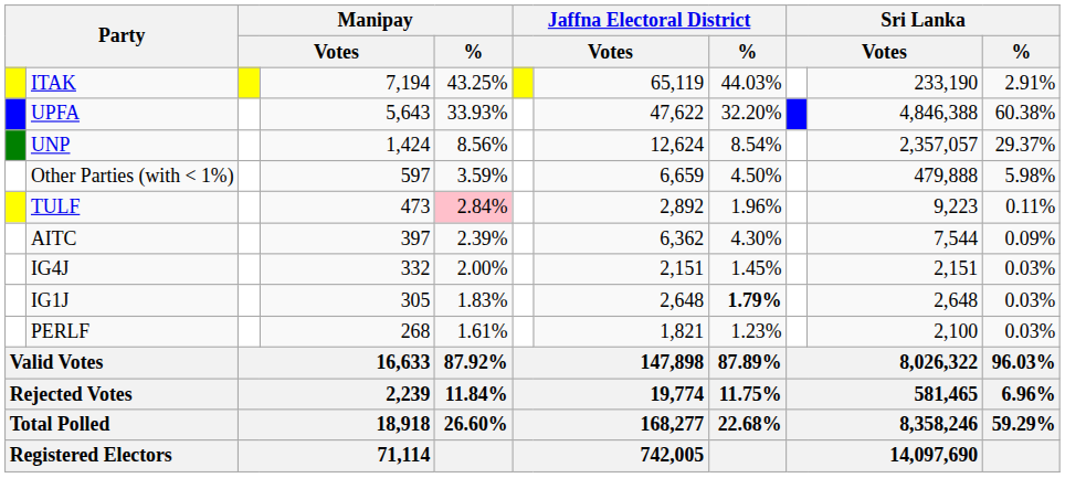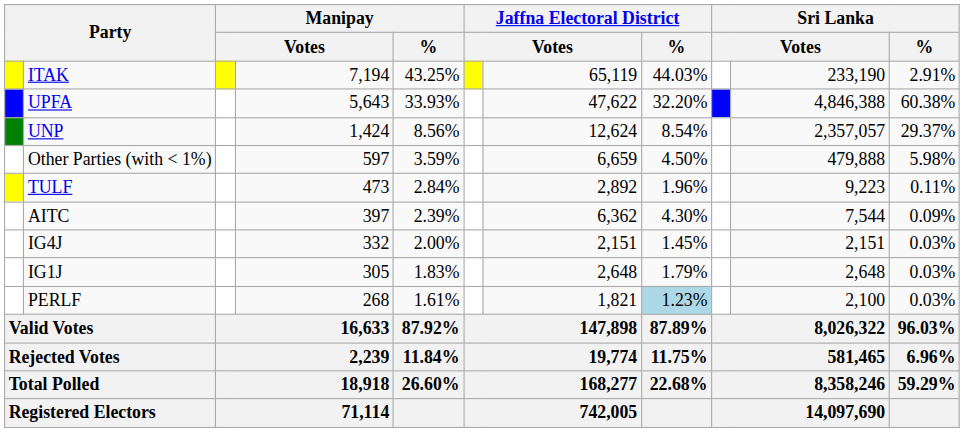 <table class="wikitable">
 <tr>
 <th colspan="2" width="144px"rowspan="2">Party</th>
 <th colspan="3" width="216px">Manipay</th>
 <th colspan="3" width="216px"><a href='#'>Jaffna Electoral District</a></th>
 <th colspan="3" width="216px">Sri Lanka</th>
 </tr>
 <tr>
 <th colspan="2" width="144px">Votes</th>
 <th>%</th>
 <th colspan="2" width="144px">Votes</th>
 <th>%</th>
 <th colspan="2" width="144px">Votes</th>
 <th>%</th>
 </tr>
 <tr>
 <td style="background-color:yellow;" width="10px"></td>
 <td style="text-align:left;"><a href='#'>ITAK</a></td>
 <td style="background-color:yellow;" width="10px"></td>
 <td style="text-align:right;">7,194</td>
 <td style="text-align:right;">43.25%</td>
 <td style="background-color:yellow;" width="10px"></td>
 <td style="text-align:right;">65,119</td>
 <td style="text-align:right;">44.03%</td>
 <td style="background-color:white;" width="10px"></td>
 <td style="text-align:right;">233,190</td>
 <td style="text-align:right;">2.91%</td>
 </tr>
 <tr>
 <td style="background-color:blue;" width="10px"></td>
 <td style="text-align:left;"><a href='#'>UPFA</a></td>
 <td style="background-color:white;" width="10px"></td>
 <td style="text-align:right;">5,643</td>
 <td style="text-align:right;">33.93%</td>
 <td style="background-color:white;" width="10px"></td>
 <td style="text-align:right;">47,622</td>
 <td style="text-align:right;">32.20%</td>
 <td style="background-color:blue;" width="10px"></td>
 <td style="text-align:right;">4,846,388</td>
 <td style="text-align:right;">60.38%</td>
 </tr>
 <tr>
 <td style="background-color:green;" width="10px"></td>
 <td style="text-align:left;"><a href='#'>UNP</a></td>
 <td style="background-color:white;" width="10px"></td>
 <td style="text-align:right;">1,424</td>
 <td style="text-align:right;">8.56%</td>
 <td style="background-color:white;" width="10px"></td>
 <td style="text-align:right;">12,624</td>
 <td style="text-align:right;">8.54%</td>
 <td style="background-color:white;" width="10px"></td>
 <td style="text-align:right;">2,357,057</td>
 <td style="text-align:right;">29.37%</td>
 </tr>
 <tr>
 <td style="background-color:white;" width="10px"></td>
 <td style="text-align:left;">Other Parties (with < 1%)</td>
 <td style="background-color:white;" width="10px"></td>
 <td style="text-align:right;">597</td>
 <td style="text-align:right;">3.59%</td>
 <td style="background-color:white;" width="10px"></td>
 <td style="text-align:right;">6,659</td>
 <td style="text-align:right;">4.50%</td>
 <td style="background-color:white;" width="10px"></td>
 <td style="text-align:right;">479,888</td>
 <td style="text-align:right;">5.98%</td>
 </tr>
 <tr>
 <td style="background-color:yellow;" width="10px"></td>
 <td style="text-align:left;"><a href='#'>TULF</a></td>
 <td style="background-color:white;" width="10px"></td>
 <td style="text-align:right;">473</td>
-<td style="background: pink; text-align:right;">2.84%</td>
+<td style="text-align:right;">2.84%</td>
 <td style="background-color:white;" width="10px"></td>
 <td style="text-align:right;">2,892</td>
 <td style="text-align:right;">1.96%</td>
 <td style="background-color:white;" width="10px"></td>
 <td style="text-align:right;">9,223</td>
 <td style="text-align:right;">0.11%</td>
 </tr>
 <tr>
 <td style="background-color:white;" width="10px"></td>
 <td style="text-align:left;">AITC</td>
 <td style="background-color:white;" width="10px"></td>
 <td style="text-align:right;">397</td>
 <td style="text-align:right;">2.39%</td>
 <td style="background-color:white;" width="10px"></td>
 <td style="text-align:right;">6,362</td>
 <td style="text-align:right;">4.30%</td>
 <td style="background-color:white;" width="10px"></td>
 <td style="text-align:right;">7,544</td>
 <td style="text-align:right;">0.09%</td>
 </tr>
 <tr>
 <td style="background-color:white;" width="10px"></td>
 <td style="text-align:left;">IG4J</td>
 <td style="background-color:white;" width="10px"></td>
 <td style="text-align:right;">332</td>
 <td style="text-align:right;">2.00%</td>
 <td style="background-color:white;" width="10px"></td>
 <td style="text-align:right;">2,151</td>
 <td style="text-align:right;">1.45%</td>
 <td style="background-color:white;" width="10px"></td>
 <td style="text-align:right;">2,151</td>
 <td style="text-align:right;">0.03%</td>
 </tr>
 <tr>
 <td style="background-color:white;" width="10px"></td>
 <td style="text-align:left;">IG1J</td>
 <td style="background-color:white;" width="10px"></td>
 <td style="text-align:right;">305</td>
 <td style="text-align:right;">1.83%</td>
 <td style="background-color:white;" width="10px"></td>
 <td style="text-align:right;">2,648</td>
-<td style="text-align:right;"><strong>1.79%</strong></td>
+<td style="text-align:right;">1.79%</td>
 <td style="background-color:white;" width="10px"></td>
 <td style="text-align:right;">2,648</td>
 <td style="text-align:right;">0.03%</td>
 </tr>
 <tr>
 <td style="background-color:white;" width="10px"></td>
 <td style="text-align:left;">PERLF</td>
 <td style="background-color:white;" width="10px"></td>
 <td style="text-align:right;">268</td>
 <td style="text-align:right;">1.61%</td>
 <td style="background-color:white;" width="10px"></td>
 <td style="text-align:right;">1,821</td>
-<td style="text-align:right;">1.23%</td>
+<td style="background: lightblue; text-align:right;">1.23%</td>
 <td style="background-color:white;" width="10px"></td>
 <td style="text-align:right;">2,100</td>
 <td style="text-align:right;">0.03%</td>
 </tr>
 <tr>
 <th colspan="2" width="144px"style="text-align:left;">Valid Votes</th>
 <th style="text-align:right;"colspan="2" width="144px">16,633</th>
 <th style="text-align:right;">87.92%</th>
 <th style="text-align:right;"colspan="2" width="144px">147,898</th>
 <th style="text-align:right;">87.89%</th>
 <th style="text-align:right;"colspan="2" width="144px">8,026,322</th>
 <th style="text-align:right;">96.03%</th>
 </tr>
 <tr>
 <th colspan="2" width="144px"style="text-align:left;">Rejected Votes</th>
 <th style="text-align:right;"colspan="2" width="144px">2,239</th>
 <th style="text-align:right;">11.84%</th>
 <th style="text-align:right;"colspan="2" width="144px">19,774</th>
 <th style="text-align:right;">11.75%</th>
 <th style="text-align:right;"colspan="2" width="144px">581,465</th>
 <th style="text-align:right;">6.96%</th>
 </tr>
 <tr>
 <th colspan="2" width="144px"style="text-align:left;">Total Polled</th>
 <th style="text-align:right;"colspan="2" width="144px">18,918</th>
 <th style="text-align:right;">26.60%</th>
 <th style="text-align:right;"colspan="2" width="144px">168,277</th>
 <th style="text-align:right;">22.68%</th>
 <th style="text-align:right;"colspan="2" width="144px">8,358,246</th>
 <th style="text-align:right;">59.29%</th>
 </tr>
 <tr>
 <th colspan="2" width="144px"style="text-align:left;">Registered Electors</th>
 <th style="text-align:right;"colspan="2" width="144px">71,114</th>
 <th></th>
 <th style="text-align:right;"colspan="2" width="144px">742,005</th>
 <th></th>
 <th style="text-align:right;"colspan="2" width="144px">14,097,690</th>
 <th></th>
 </tr>
 </table>
